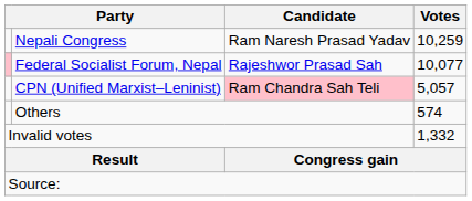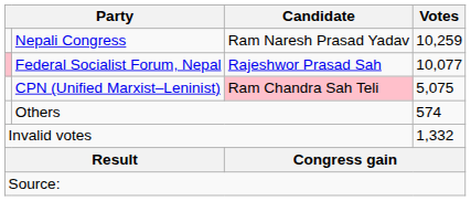 <table class="wikitable">
 <tr>
 <th colspan="2">Party</th>
 <th>Candidate</th>
 <th>Votes</th>
 </tr>
 <tr>
 <td style="background-color:"></td>
 <td><a href='#'>Nepali Congress</a></td>
 <td>Ram Naresh Prasad Yadav</td>
 <td>10,259</td>
 </tr>
 <tr>
 <td style="background-color:#ffc0cb"></td>
 <td><a href='#'>Federal Socialist Forum, Nepal</a></td>
 <td><a href='#'>Rajeshwor Prasad Sah</a></td>
 <td>10,077</td>
 </tr>
 <tr>
 <td style="background-color:"></td>
 <td><a href='#'>CPN (Unified Marxist–Leninist)</a></td>
 <td style="background: pink;">Ram Chandra Sah Teli</td>
-<td>5,057</td>
+<td>5,075</td>
 </tr>
 <tr>
 <td></td>
 <td colspan="2">Others</td>
 <td>574</td>
 </tr>
 <tr>
 <td colspan="3">Invalid votes</td>
 <td>1,332</td>
 </tr>
 <tr>
 <th colspan="2">Result</th>
 <th colspan="2">Congress gain</th>
 </tr>
 <tr>
 <td colspan="4">Source: </td>
 </tr>
 </table>
